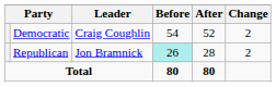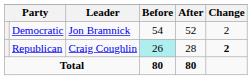 <table class="wikitable" style="text-align:center;">
 <tr>
 </tr>
 <tr>
 <th colspan=2>Party</th>
 <th>Leader</th>
 <th>Before</th>
 <th>After</th>
 <th>Change</th>
 </tr>
 <tr>
 <th style="background-color:"></th>
 <td style="text-align:left;"><a href='#'>Democratic</a></td>
-<td style="text-align:left;"><a href='#'>Craig Coughlin</a></td>
+<td style="text-align:left;"><a href='#'>Jon Bramnick</a></td>
 <td>54</td>
 <td>52</td>
 <td> 2</td>
 </tr>
 <tr>
 <th style="background-color:"></th>
 <td style="text-align:left;"><a href='#'>Republican</a></td>
-<td style="text-align:left;"><a href='#'>Jon Bramnick</a></td>
+<td style="text-align:left;"><a href='#'>Craig Coughlin</a></td>
 <td style="background: paleturquoise;">26</td>
 <td>28</td>
-<td> 2</td>
+<td><strong> 2</strong></td>
 </tr>
 <tr>
 <td colspan=3><strong>Total</strong></td>
 <td><strong>80</strong></td>
 <td><strong>80</strong></td>
 </tr>
 </table>
